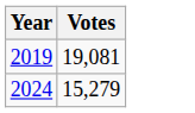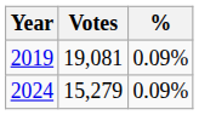 <table class="wikitable" style="display: inline-table;">
 <tr>
 <th>Year</th>
 <th>Votes</th>
+<th>%</th>
 </tr>
 <tr>
 <td><a href='#'>2019</a></td>
 <td>19,081</td>
+<td>0.09%</td>
 </tr>
 <tr>
 <td><a href='#'>2024</a></td>
 <td>15,279</td>
+<td>0.09%</td>
 </tr>
 </table>
